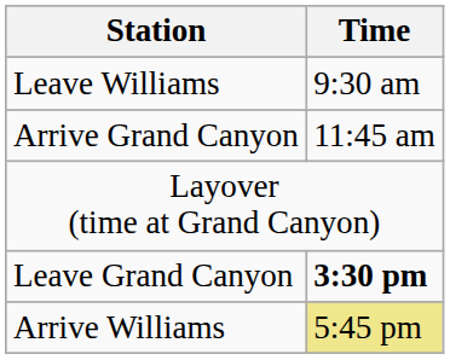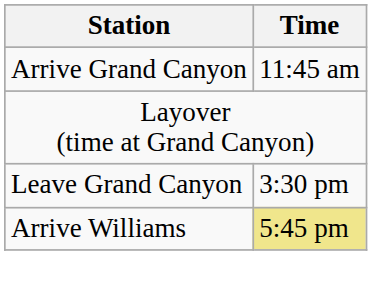 <table class="wikitable" style="display: inline-table;margin:1em auto;">
 <tr>
 <th>Station</th>
 <th>Time</th>
-</tr>
-<tr>
-<td>Leave Williams</td>
-<td>9:30 am</td>
 </tr>
 <tr>
 <td>Arrive Grand Canyon</td>
 <td>11:45 am</td>
 </tr>
 <tr>
 <td colspan="2" style="text-align:center;">Layover<br>(time at Grand Canyon)</td>
 </tr>
 <tr>
 <td>Leave Grand Canyon</td>
-<td><strong>3:30 pm</strong></td>
+<td>3:30 pm</td>
 </tr>
 <tr>
 <td>Arrive Williams</td>
 <td style="background: khaki;">5:45 pm</td>
 </tr>
 </table>
